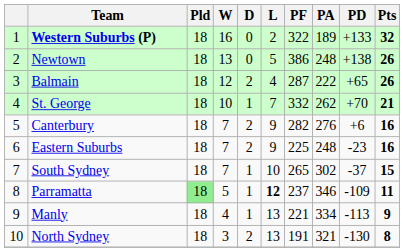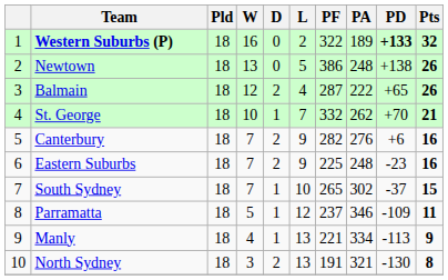 <table class="wikitable" style="text-align:center;">
 <tr>
 <th width=20 abbr="Position"></th>
 <th width=175>Team</th>
 <th width=20 abbr="Played">Pld</th>
 <th width=20 abbr="Won">W</th>
 <th width=20 abbr="Drawn">D</th>
 <th width=20 abbr="Lost">L</th>
 <th width=20 abbr="Points for">PF</th>
 <th width=20 abbr="Points against">PA</th>
 <th width=20 abbr="Points difference">PD</th>
 <th width=20 abbr="Points">Pts</th>
 </tr>
 <tr style="background: #ccffcc;">
 <td>1</td>
 <td style="text-align:left;"> <strong><a href='#'>Western Suburbs</a> (P)</strong></td>
 <td>18</td>
 <td>16</td>
 <td>0</td>
 <td>2</td>
 <td>322</td>
 <td>189</td>
-<td>+133</td>
+<td><strong>+133</strong></td>
 <td><strong>32</strong></td>
 </tr>
 <tr style="background: #ccffcc;">
 <td>2</td>
 <td style="text-align:left;"> <a href='#'>Newtown</a></td>
 <td>18</td>
 <td>13</td>
 <td>0</td>
 <td>5</td>
 <td>386</td>
 <td>248</td>
 <td>+138</td>
 <td><strong>26</strong></td>
 </tr>
 <tr style="background: #ccffcc;">
 <td>3</td>
 <td style="text-align:left;"> <a href='#'>Balmain</a></td>
 <td>18</td>
 <td>12</td>
 <td>2</td>
 <td>4</td>
 <td>287</td>
 <td>222</td>
 <td>+65</td>
 <td><strong>26</strong></td>
 </tr>
 <tr style="background: #ccffcc;">
 <td>4</td>
 <td style="text-align:left;"> <a href='#'>St. George</a></td>
 <td>18</td>
 <td>10</td>
 <td>1</td>
 <td>7</td>
 <td>332</td>
 <td>262</td>
 <td>+70</td>
 <td><strong>21</strong></td>
 </tr>
 <tr>
 <td>5</td>
 <td style="text-align:left;"> <a href='#'>Canterbury</a></td>
 <td>18</td>
 <td>7</td>
 <td>2</td>
 <td>9</td>
 <td>282</td>
 <td>276</td>
 <td>+6</td>
 <td><strong>16</strong></td>
 </tr>
 <tr>
 <td>6</td>
 <td style="text-align:left;"> <a href='#'>Eastern Suburbs</a></td>
 <td>18</td>
 <td>7</td>
 <td>2</td>
 <td>9</td>
 <td>225</td>
 <td>248</td>
 <td>-23</td>
 <td><strong>16</strong></td>
 </tr>
 <tr>
 <td>7</td>
 <td style="text-align:left;"> <a href='#'>South Sydney</a></td>
 <td>18</td>
 <td>7</td>
 <td>1</td>
 <td>10</td>
 <td>265</td>
 <td>302</td>
 <td>-37</td>
 <td><strong>15</strong></td>
 </tr>
 <tr>
 <td>8</td>
 <td style="text-align:left;"> <a href='#'>Parramatta</a></td>
-<td style="background: lightgreen;">18</td>
+<td>18</td>
 <td>5</td>
 <td>1</td>
-<td><strong>12</strong></td>
+<td>12</td>
 <td>237</td>
 <td>346</td>
 <td>-109</td>
 <td><strong>11</strong></td>
 </tr>
 <tr>
 <td>9</td>
 <td style="text-align:left;"> <a href='#'>Manly</a></td>
 <td>18</td>
 <td>4</td>
 <td>1</td>
 <td>13</td>
 <td>221</td>
 <td>334</td>
 <td>-113</td>
 <td><strong>9</strong></td>
 </tr>
 <tr>
 <td>10</td>
 <td style="text-align:left;"> <a href='#'>North Sydney</a></td>
 <td>18</td>
 <td>3</td>
 <td>2</td>
 <td>13</td>
 <td>191</td>
 <td>321</td>
 <td>-130</td>
 <td><strong>8</strong></td>
 </tr>
 <tr>
 </tr>
 </table>
